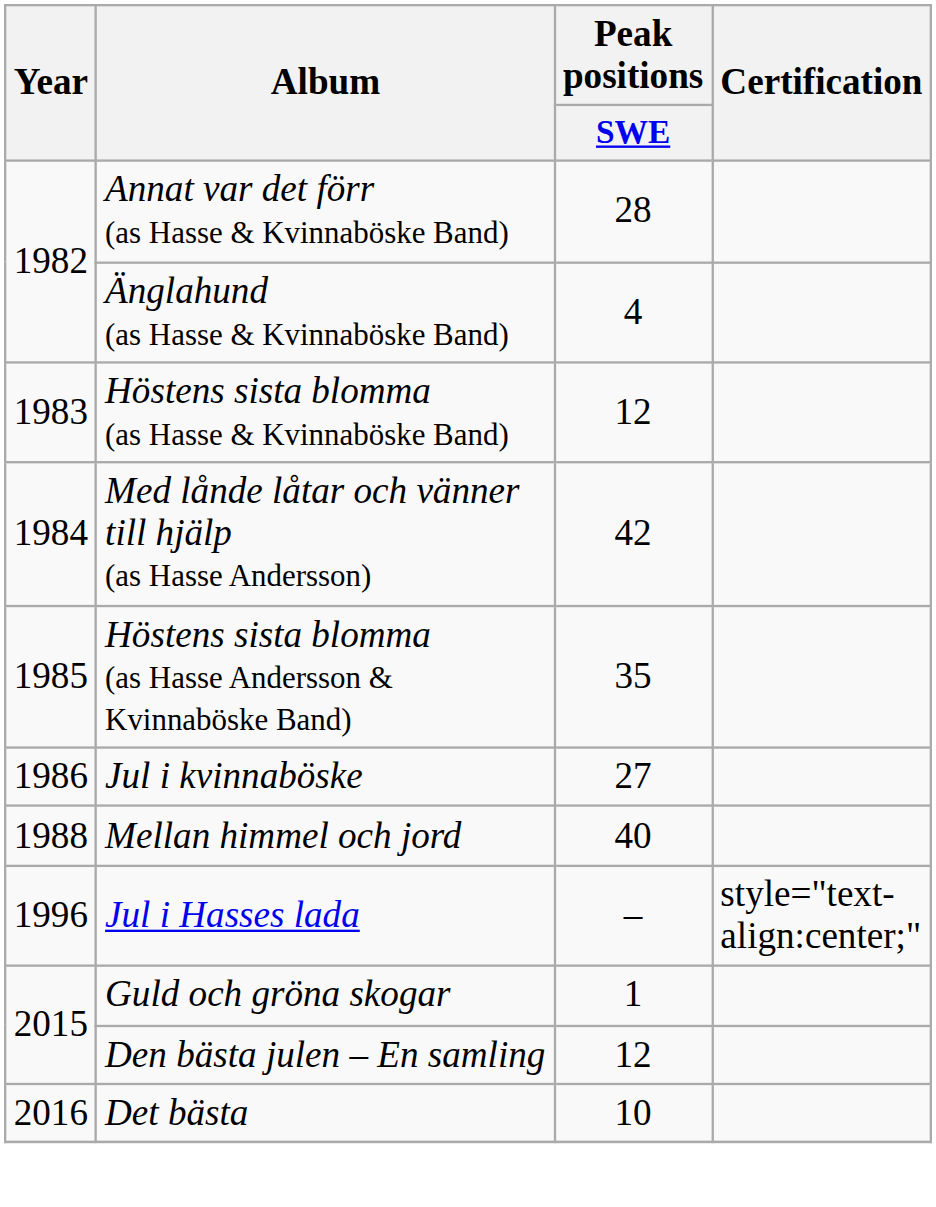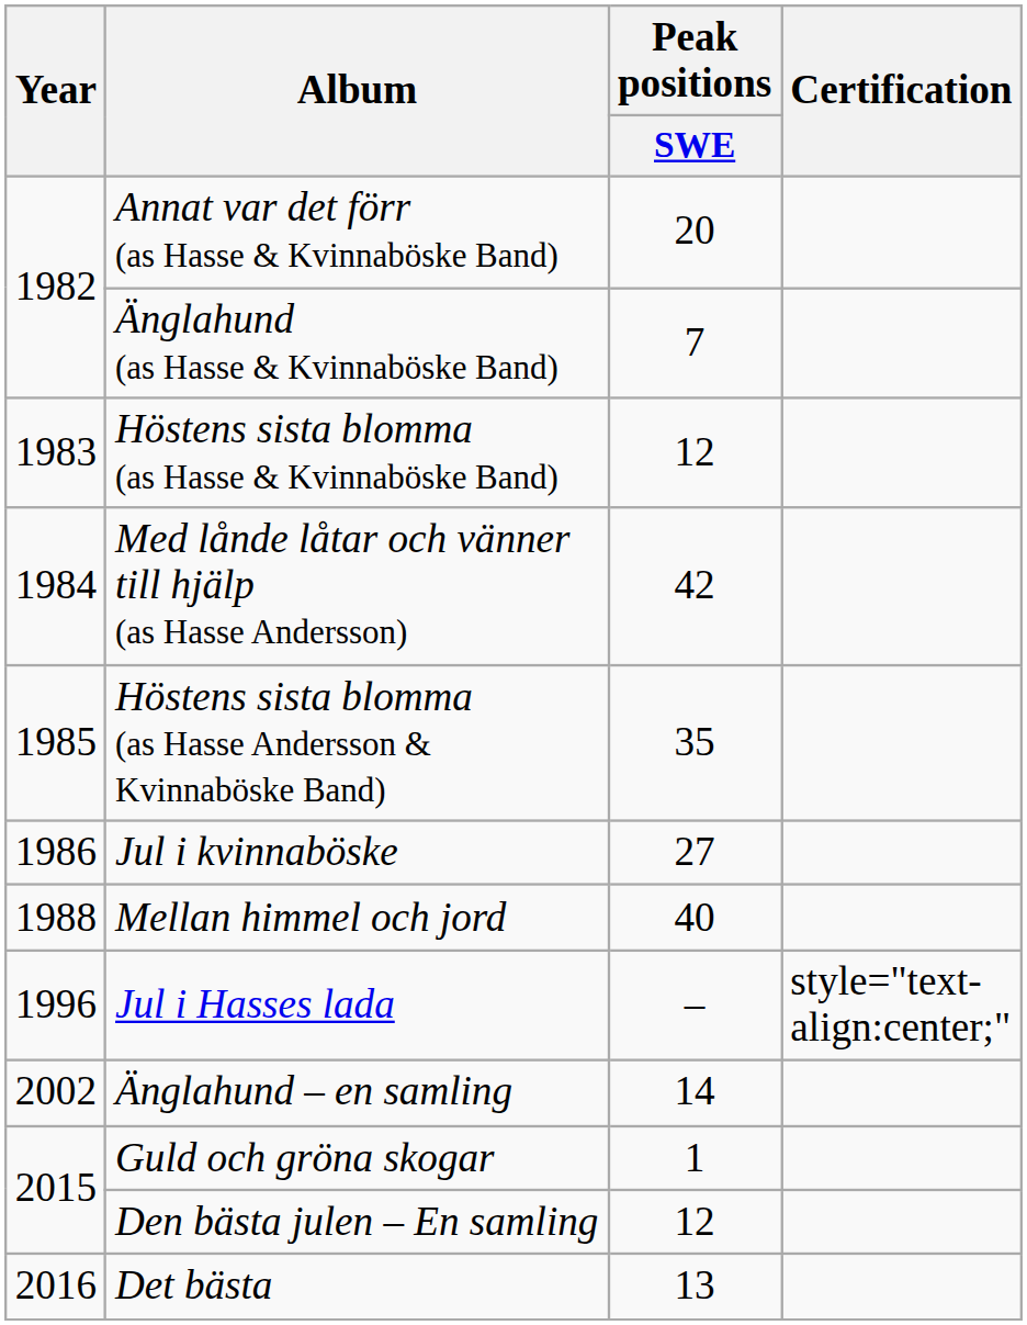 <table class="wikitable">
 <tr>
 <th align="center" rowspan="2" width="10">Year</th>
 <th align="center" rowspan="2" width="190">Album</th>
 <th align="center" colspan="1" width="20">Peak positions</th>
 <th align="center" rowspan="2" width="70">Certification</th>
 </tr>
 <tr>
 <th scope="col" style="width:3em;font-size:90%;"><a href='#'>SWE</a><br></th>
 </tr>
 <tr>
 <td style="text-align:center;" rowspan=2>1982</td>
 <td><em>Annat var det förr</em><br><small>(as Hasse & Kvinnaböske Band)</small></td>
-<td style="text-align:center;">28</td>
+<td style="text-align:center;">20</td>
 <td style="text-align:center;"></td>
 </tr>
 <tr>
 <td><em>Änglahund</em><br><small>(as Hasse & Kvinnaböske Band)</small></td>
-<td style="text-align:center;">4</td>
+<td style="text-align:center;">7</td>
 <td style="text-align:center;"></td>
 </tr>
 <tr>
 <td style="text-align:center;" rowspan=1>1983</td>
 <td><em>Höstens sista blomma</em><br><small>(as Hasse & Kvinnaböske Band)</small></td>
 <td style="text-align:center;">12</td>
 <td style="text-align:center;"></td>
 </tr>
 <tr>
 <td style="text-align:center;">1984</td>
 <td><em>Med lånde låtar och vänner till hjälp</em><br><small>(as Hasse Andersson)</small></td>
 <td style="text-align:center;">42</td>
 <td style="text-align:center;"></td>
 </tr>
 <tr>
 <td style="text-align:center;" rowspan=1>1985</td>
 <td><em>Höstens sista blomma</em><br><small>(as Hasse Andersson & Kvinnaböske Band)</small></td>
 <td style="text-align:center;">35</td>
 <td style="text-align:center;"></td>
 </tr>
 <tr>
 <td style="text-align:center;">1986</td>
 <td><em>Jul i kvinnaböske</em></td>
 <td style="text-align:center;">27</td>
 <td style="text-align:center;"></td>
 </tr>
 <tr>
 <td style="text-align:center;">1988</td>
 <td><em>Mellan himmel och jord</em></td>
 <td style="text-align:center;">40</td>
 <td style="text-align:center;"></td>
 </tr>
 <tr>
 <td style="text-align:center;">1996</td>
 <td><em><a href='#'>Jul i Hasses lada</a></em></td>
 <td style="text-align:center;">–</td>
 <td>style="text-align:center;"</td>
 </tr>
 <tr>
+<td style="text-align:center;">2002</td>
+<td><em>Änglahund – en samling</em></td>
+<td style="text-align:center;">14</td>
+<td style="text-align:center;"></td>
+</tr>
+<tr>
 <td style="text-align:center;" rowspan="2">2015</td>
 <td><em>Guld och gröna skogar</em></td>
 <td style="text-align:center;">1</td>
 <td style="text-align:center;"></td>
 </tr>
 <tr>
 <td><em>Den bästa julen – En samling</em></td>
 <td style="text-align:center;">12</td>
 <td style="text-align:center;"></td>
 </tr>
 <tr>
 <td style="text-align:center;">2016</td>
 <td><em>Det bästa</em></td>
-<td style="text-align:center;">10</td>
+<td style="text-align:center;">13</td>
 <td style="text-align:center;"></td>
 </tr>
 <tr>
 </tr>
 </table>
